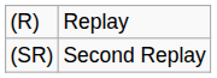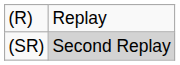 <table class="wikitable">
 <tr>
 <td>(R)</td>
 <td>Replay</td>
 </tr>
 <tr>
 <td>(SR)</td>
-<td>Second Replay</td>
+<td style="background: lightgrey;">Second Replay</td>
 </tr>
 </table>
